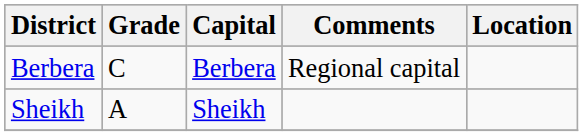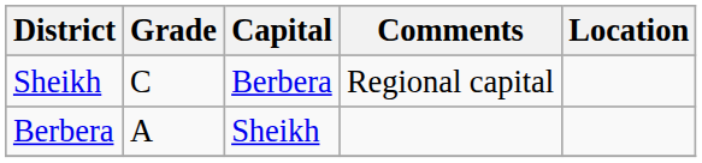 <table class="wikitable sortable">
 <tr>
 <th>District</th>
 <th>Grade</th>
 <th>Capital</th>
 <th>Comments</th>
 <th>Location</th>
 </tr>
 <tr>
-<td><a href='#'>Berbera</a></td>
+<td><a href='#'>Sheikh</a></td>
 <td>C</td>
 <td><a href='#'>Berbera</a></td>
 <td>Regional capital</td>
 <td></td>
 </tr>
 <tr>
-<td><a href='#'>Sheikh</a></td>
+<td><a href='#'>Berbera</a></td>
 <td>A</td>
 <td><a href='#'>Sheikh</a></td>
 <td></td>
 <td></td>
 </tr>
 <tr>
 </tr>
 </table>
